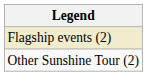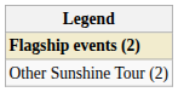 <table class="wikitable" style="font-size:95%;">
 <tr>
 <th>Legend</th>
 </tr>
 <tr style="background:#f2ecce;">
-<td>Flagship events (2)</td>
+<td><strong>Flagship events (2)</strong></td>
 </tr>
 <tr>
 <td>Other Sunshine Tour (2)</td>
 </tr>
 </table>
